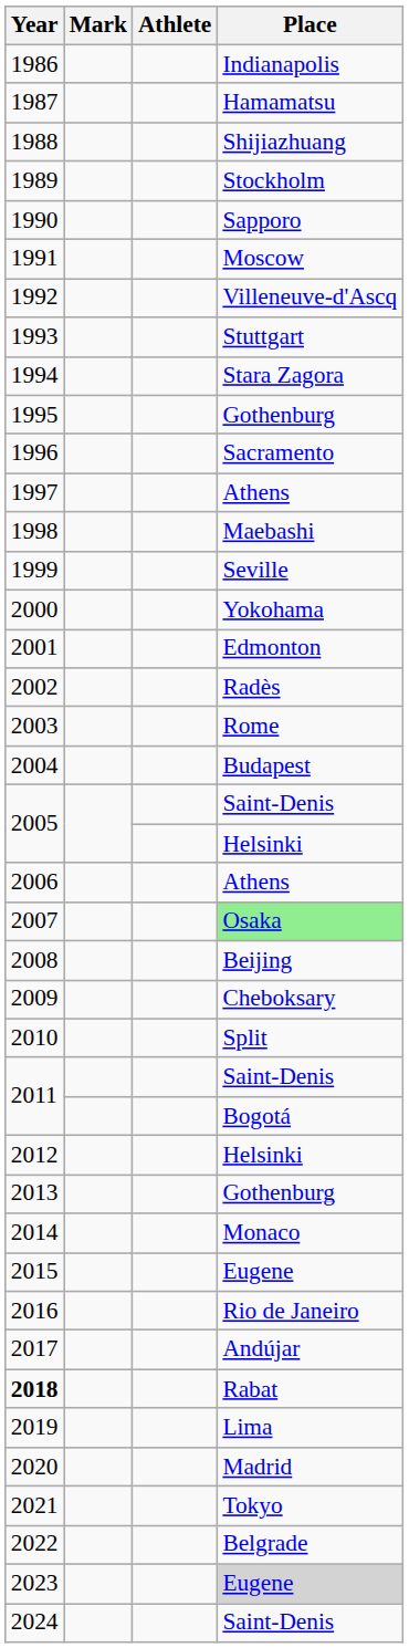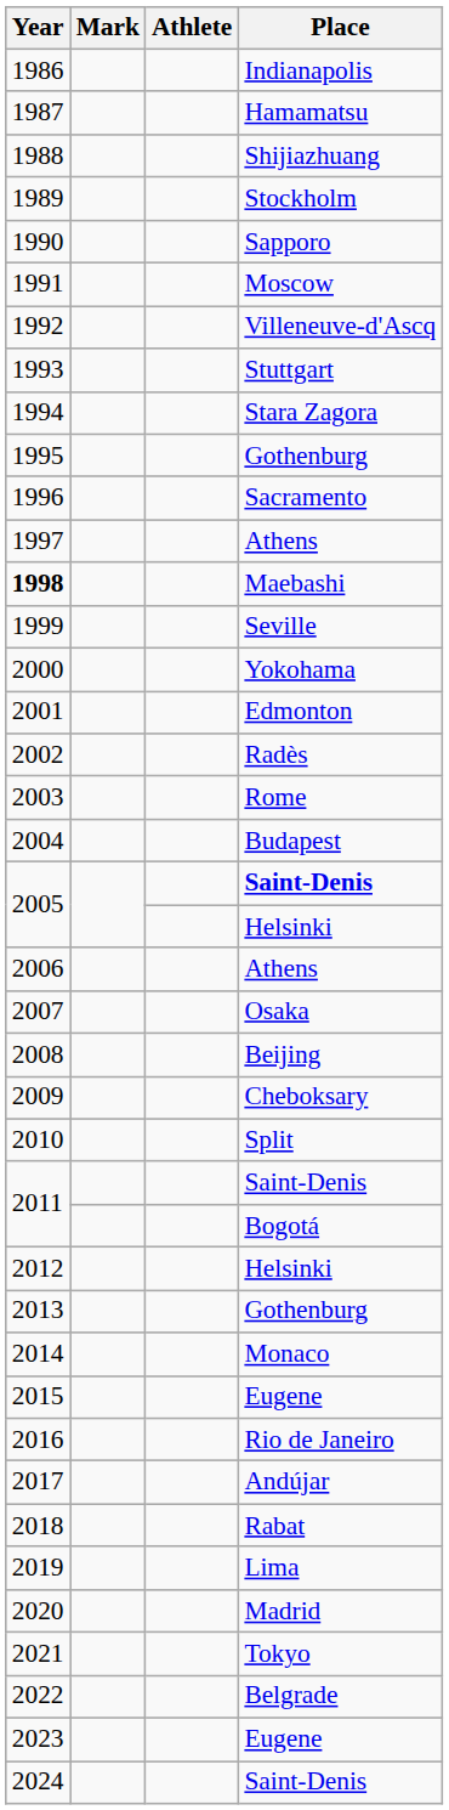 <table class="wikitable sortable" style="font-size:85%; display:inline-table;">
 <tr>
 <th>Year</th>
 <th>Mark</th>
 <th>Athlete</th>
 <th>Place</th>
 </tr>
 <tr>
 <td>1986</td>
 <td></td>
 <td align=left></td>
 <td><a href='#'>Indianapolis</a></td>
 </tr>
 <tr>
 <td>1987</td>
 <td></td>
 <td align=left></td>
 <td><a href='#'>Hamamatsu</a></td>
 </tr>
 <tr>
 <td>1988</td>
 <td></td>
 <td align=left></td>
 <td><a href='#'>Shijiazhuang</a></td>
 </tr>
 <tr>
 <td>1989</td>
 <td></td>
 <td align=left></td>
 <td><a href='#'>Stockholm</a></td>
 </tr>
 <tr>
 <td>1990</td>
 <td></td>
 <td align=left></td>
 <td><a href='#'>Sapporo</a></td>
 </tr>
 <tr>
 <td>1991</td>
 <td></td>
 <td align=left></td>
 <td><a href='#'>Moscow</a></td>
 </tr>
 <tr>
 <td>1992</td>
 <td></td>
 <td align=left></td>
 <td><a href='#'>Villeneuve-d'Ascq</a></td>
 </tr>
 <tr>
 <td>1993</td>
 <td></td>
 <td align=left></td>
 <td><a href='#'>Stuttgart</a></td>
 </tr>
 <tr>
 <td>1994</td>
 <td></td>
 <td align=left></td>
 <td><a href='#'>Stara Zagora</a></td>
 </tr>
 <tr>
 <td>1995</td>
 <td></td>
 <td align=left></td>
 <td><a href='#'>Gothenburg</a></td>
 </tr>
 <tr>
 <td>1996</td>
 <td></td>
 <td align=left></td>
 <td><a href='#'>Sacramento</a></td>
 </tr>
 <tr>
 <td>1997</td>
 <td></td>
 <td align=left></td>
 <td><a href='#'>Athens</a></td>
 </tr>
 <tr>
-<td>1998</td>
+<td><strong>1998</strong></td>
 <td> </td>
 <td align=left></td>
 <td><a href='#'>Maebashi</a></td>
 </tr>
 <tr>
 <td>1999</td>
 <td></td>
 <td align=left></td>
 <td><a href='#'>Seville</a></td>
 </tr>
 <tr>
 <td>2000</td>
 <td></td>
 <td align=left></td>
 <td><a href='#'>Yokohama</a></td>
 </tr>
 <tr>
 <td>2001</td>
 <td></td>
 <td align=left></td>
 <td><a href='#'>Edmonton</a></td>
 </tr>
 <tr>
 <td>2002</td>
 <td></td>
 <td align=left></td>
 <td><a href='#'>Radès</a></td>
 </tr>
 <tr>
 <td>2003</td>
 <td></td>
 <td align=left></td>
 <td><a href='#'>Rome</a></td>
 </tr>
 <tr>
 <td>2004</td>
 <td> </td>
 <td align=left></td>
 <td><a href='#'>Budapest</a></td>
 </tr>
 <tr>
 <td rowspan=2>2005</td>
 <td rowspan=2></td>
 <td align=left></td>
-<td><a href='#'>Saint-Denis</a></td>
+<td><strong><a href='#'>Saint-Denis</a></strong></td>
 </tr>
 <tr>
 <td align=left></td>
 <td><a href='#'>Helsinki</a></td>
 </tr>
 <tr>
 <td>2006</td>
 <td></td>
 <td align=left></td>
 <td><a href='#'>Athens</a></td>
 </tr>
 <tr>
 <td>2007</td>
 <td></td>
 <td align=left></td>
-<td style="background: lightgreen;"><a href='#'>Osaka</a></td>
+<td><a href='#'>Osaka</a></td>
 </tr>
 <tr>
 <td>2008</td>
 <td></td>
 <td align=left></td>
 <td><a href='#'>Beijing</a></td>
 </tr>
 <tr>
 <td>2009</td>
 <td></td>
 <td align=left></td>
 <td><a href='#'>Cheboksary</a></td>
 </tr>
 <tr>
 <td>2010</td>
 <td></td>
 <td align=left></td>
 <td><a href='#'>Split</a></td>
 </tr>
 <tr>
 <td rowspan=2>2011</td>
 <td></td>
 <td align=left></td>
 <td><a href='#'>Saint-Denis</a></td>
 </tr>
 <tr>
 <td> </td>
 <td align=left></td>
 <td><a href='#'>Bogotá</a></td>
 </tr>
 <tr>
 <td>2012</td>
 <td></td>
 <td align=left></td>
 <td><a href='#'>Helsinki</a></td>
 </tr>
 <tr>
 <td>2013</td>
 <td> </td>
 <td align=left></td>
 <td><a href='#'>Gothenburg</a></td>
 </tr>
 <tr>
 <td>2014</td>
 <td></td>
 <td align=left></td>
 <td><a href='#'>Monaco</a></td>
 </tr>
 <tr>
 <td>2015</td>
 <td></td>
 <td align=left></td>
 <td><a href='#'>Eugene</a></td>
 </tr>
 <tr>
 <td>2016</td>
 <td></td>
 <td align=left></td>
 <td><a href='#'>Rio de Janeiro</a></td>
 </tr>
 <tr>
 <td>2017</td>
 <td></td>
 <td align=left></td>
 <td><a href='#'>Andújar</a></td>
 </tr>
 <tr>
-<td><strong>2018</strong></td>
+<td>2018</td>
 <td></td>
 <td align=left></td>
 <td><a href='#'>Rabat</a></td>
 </tr>
 <tr>
 <td>2019</td>
 <td></td>
 <td align=left></td>
 <td><a href='#'>Lima</a></td>
 </tr>
 <tr>
 <td>2020</td>
 <td> </td>
 <td align=left></td>
 <td><a href='#'>Madrid</a></td>
 </tr>
 <tr>
 <td>2021</td>
 <td></td>
 <td align=left></td>
 <td><a href='#'>Tokyo</a></td>
 </tr>
 <tr>
 <td>2022</td>
 <td> </td>
 <td align=left></td>
 <td><a href='#'>Belgrade</a></td>
 </tr>
 <tr>
 <td>2023</td>
 <td></td>
 <td align=left></td>
-<td style="background: lightgrey;"><a href='#'>Eugene</a></td>
+<td><a href='#'>Eugene</a></td>
 </tr>
 <tr>
 <td>2024</td>
 <td></td>
 <td align=left></td>
 <td><a href='#'>Saint-Denis</a></td>
 </tr>
 </table>
